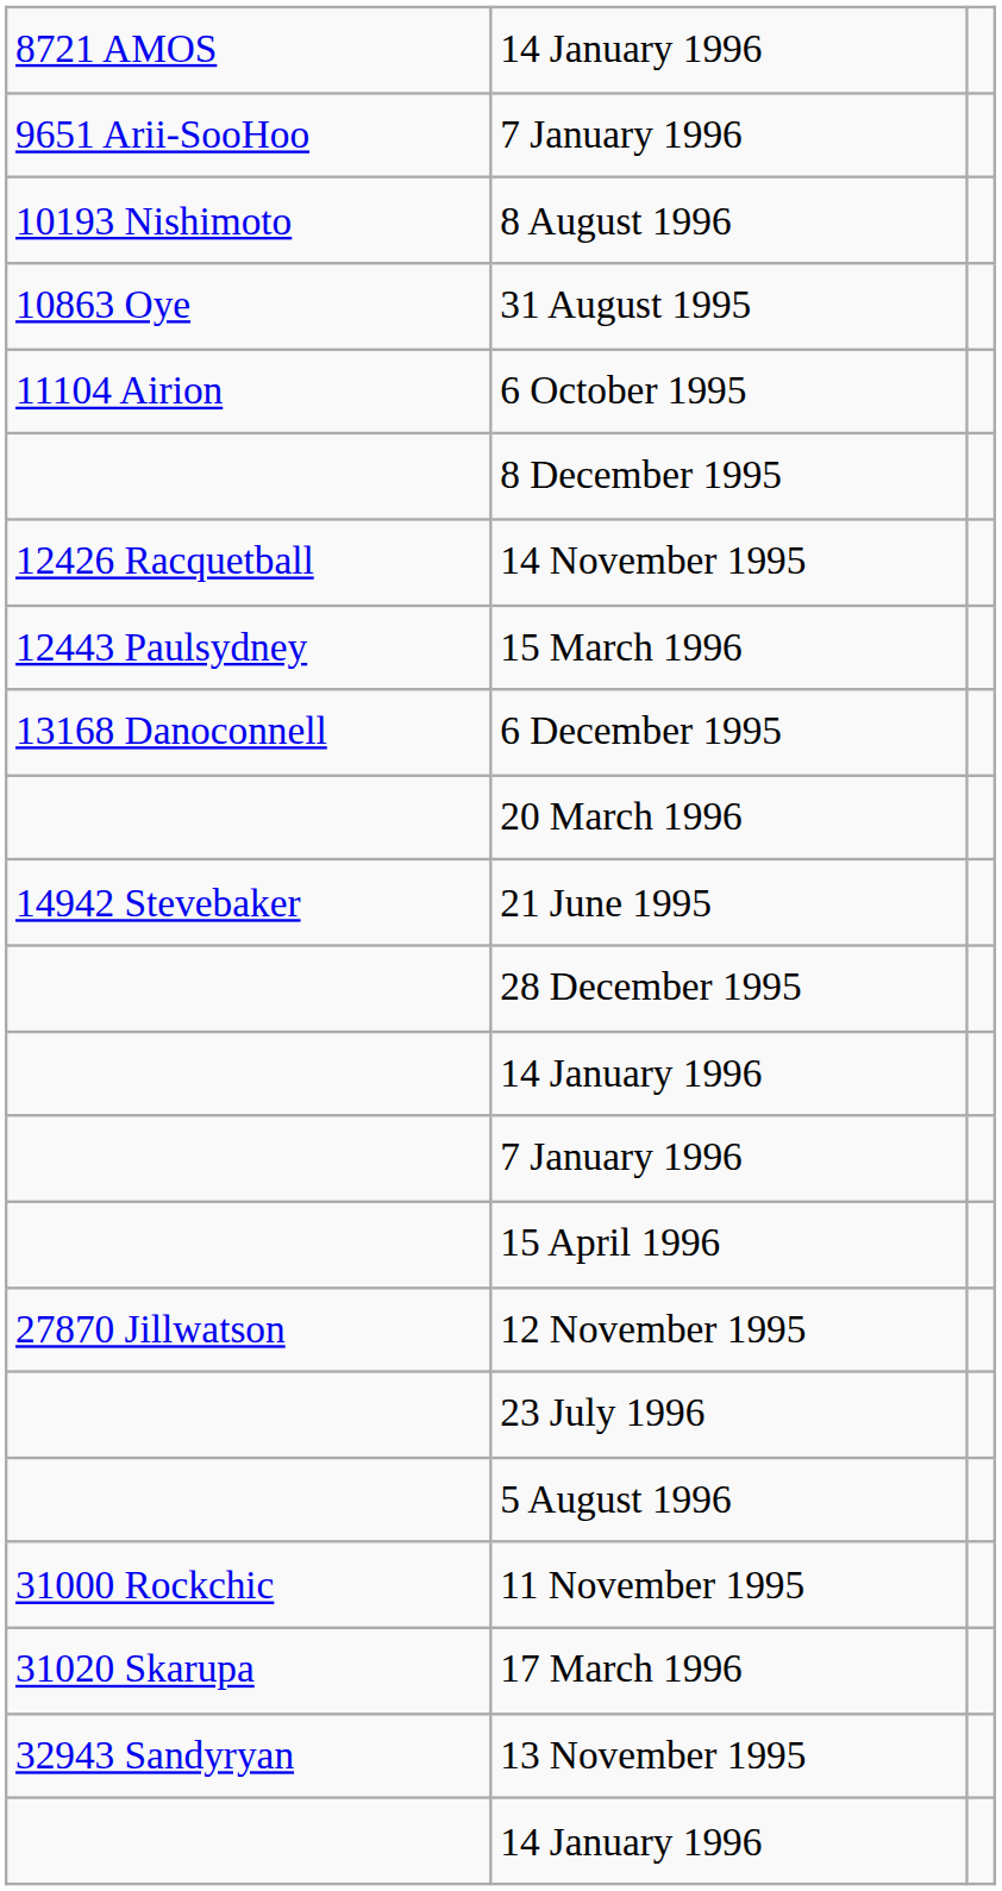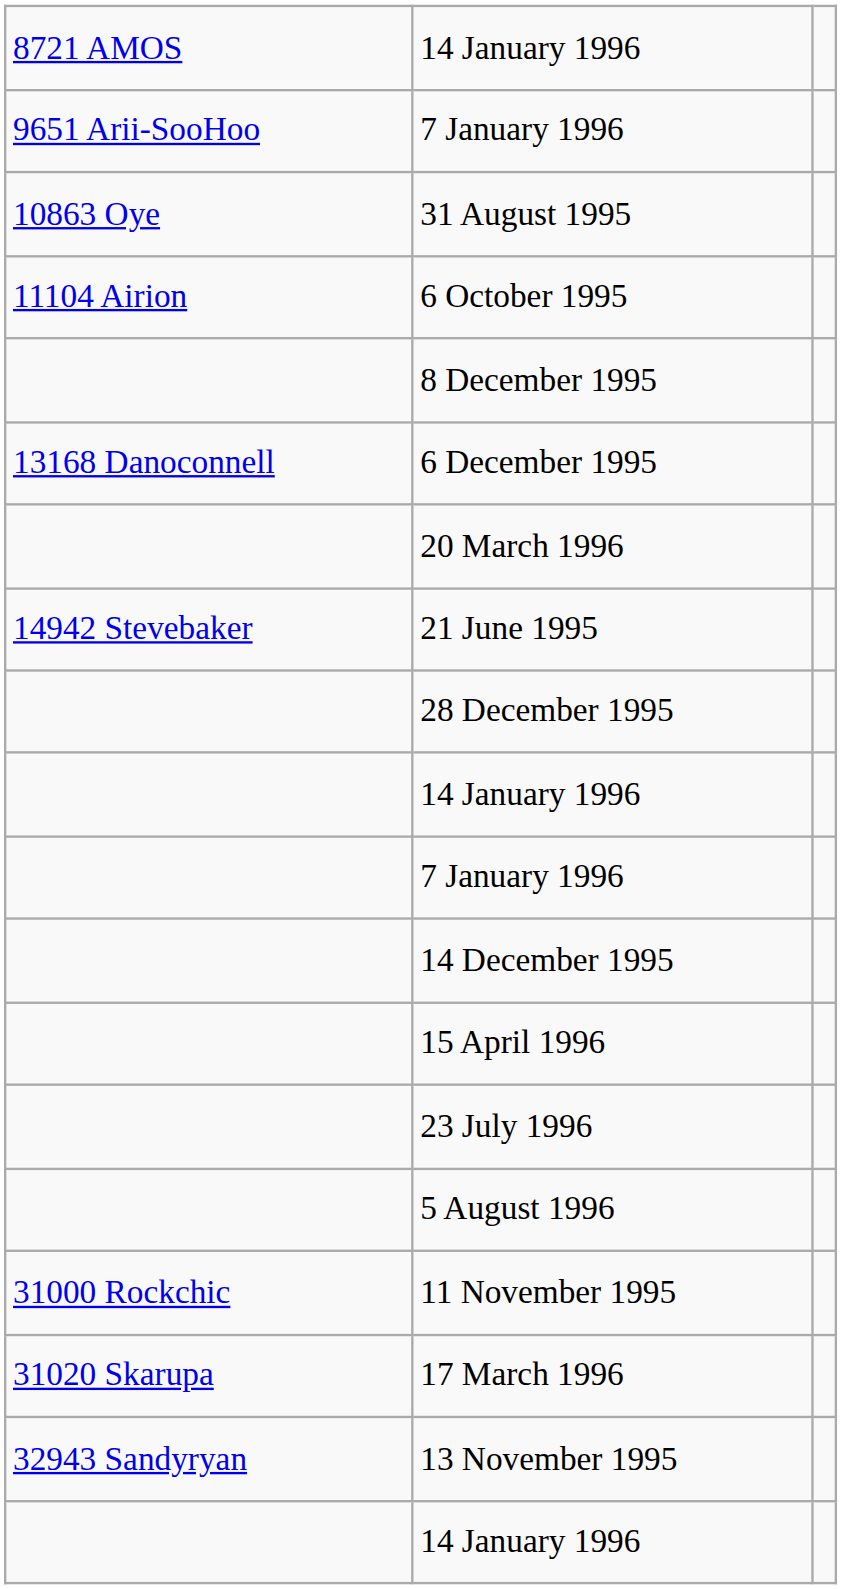 <table class="wikitable" style="font-size: 89%; float: left; width: 25em; margin-right: 1em; line-height: 1.65em !important; height: 675px;">
 <tr>
 <td><a href='#'>8721 AMOS</a></td>
 <td>14 January 1996</td>
 <td></td>
 </tr>
 <tr>
 <td><a href='#'>9651 Arii-SooHoo</a></td>
 <td>7 January 1996</td>
-<td></td>
-</tr>
-<tr>
-<td><a href='#'>10193 Nishimoto</a></td>
-<td>8 August 1996</td>
 <td></td>
 </tr>
 <tr>
 <td><a href='#'>10863 Oye</a></td>
 <td>31 August 1995</td>
 <td></td>
 </tr>
 <tr>
 <td><a href='#'>11104 Airion</a></td>
 <td>6 October 1995</td>
 <td></td>
 </tr>
 <tr>
 <td></td>
 <td>8 December 1995</td>
-<td></td>
-</tr>
-<tr>
-<td><a href='#'>12426 Racquetball</a></td>
-<td>14 November 1995</td>
-<td></td>
-</tr>
-<tr>
-<td><a href='#'>12443 Paulsydney</a></td>
-<td>15 March 1996</td>
 <td></td>
 </tr>
 <tr>
 <td><a href='#'>13168 Danoconnell</a></td>
 <td>6 December 1995</td>
 <td></td>
 </tr>
 <tr>
 <td></td>
 <td>20 March 1996</td>
 <td></td>
 </tr>
 <tr>
 <td><a href='#'>14942 Stevebaker</a></td>
 <td>21 June 1995</td>
 <td></td>
 </tr>
 <tr>
 <td></td>
 <td>28 December 1995</td>
 <td></td>
 </tr>
 <tr>
 <td></td>
 <td>14 January 1996</td>
 <td></td>
 </tr>
 <tr>
 <td></td>
 <td>7 January 1996</td>
 <td></td>
 </tr>
 <tr>
 <td></td>
-<td>15 April 1996</td>
+<td>14 December 1995</td>
 <td></td>
 </tr>
 <tr>
-<td><a href='#'>27870 Jillwatson</a></td>
-<td>12 November 1995</td>
+<td></td>
+<td>15 April 1996</td>
 <td></td>
 </tr>
 <tr>
 <td></td>
 <td>23 July 1996</td>
 <td></td>
 </tr>
 <tr>
 <td></td>
 <td>5 August 1996</td>
 <td></td>
 </tr>
 <tr>
 <td><a href='#'>31000 Rockchic</a></td>
 <td>11 November 1995</td>
 <td></td>
 </tr>
 <tr>
 <td><a href='#'>31020 Skarupa</a></td>
 <td>17 March 1996</td>
 <td></td>
 </tr>
 <tr>
 <td><a href='#'>32943 Sandyryan</a></td>
 <td>13 November 1995</td>
 <td></td>
 </tr>
 <tr>
 <td></td>
 <td>14 January 1996</td>
 <td></td>
 </tr>
 </table>
